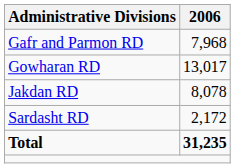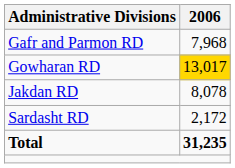 <table class="wikitable">
 <tr>
 <th>Administrative Divisions</th>
 <th>2006</th>
 </tr>
 <tr>
 <td><a href='#'>Gafr and Parmon RD</a></td>
 <td style="text-align: right;">7,968</td>
 </tr>
 <tr>
 <td><a href='#'>Gowharan RD</a></td>
-<td style="text-align: right;">13,017</td>
+<td style="background: gold; text-align: right;">13,017</td>
 </tr>
 <tr>
 <td><a href='#'>Jakdan RD</a></td>
 <td style="text-align: right;">8,078</td>
 </tr>
 <tr>
 <td><a href='#'>Sardasht RD</a></td>
 <td style="text-align: right;">2,172</td>
 </tr>
 <tr>
 <td><strong>Total</strong></td>
 <td style="text-align: right;"><strong>31,235</strong></td>
 </tr>
 <tr>
 <td colspan=2></td>
 </tr>
 </table>
